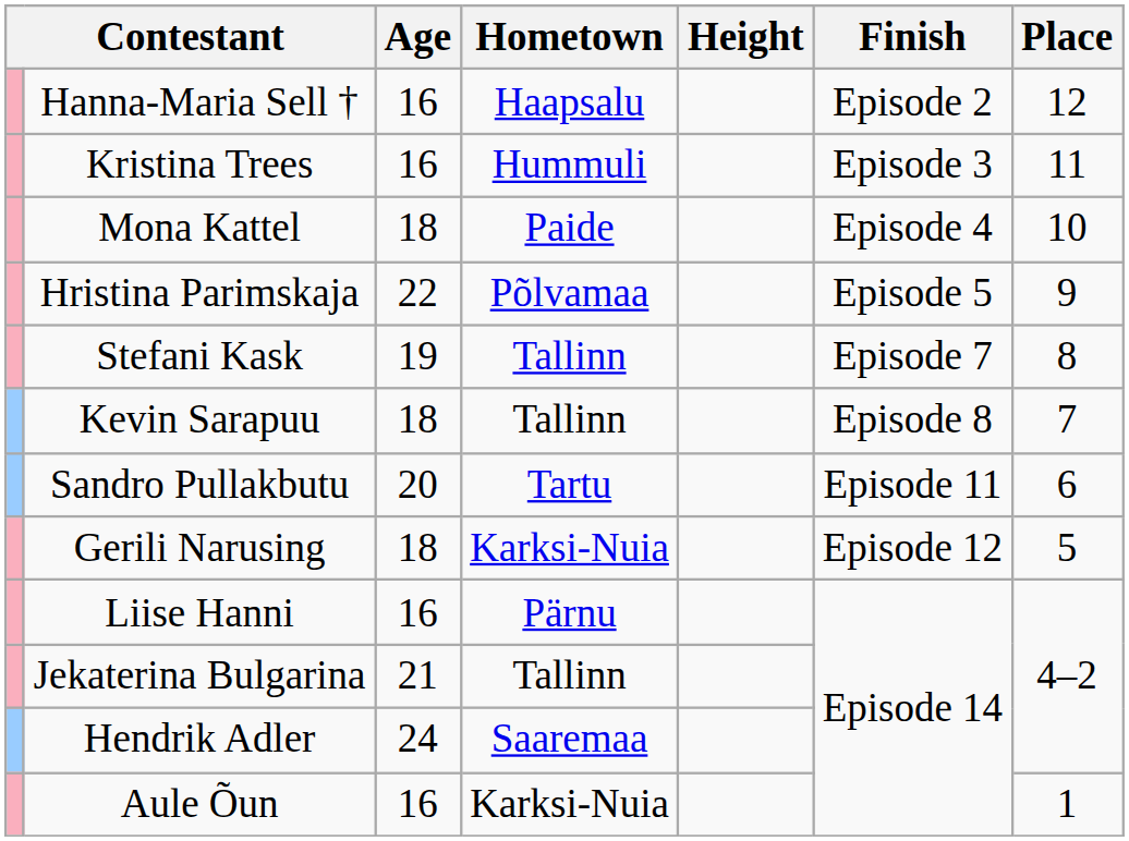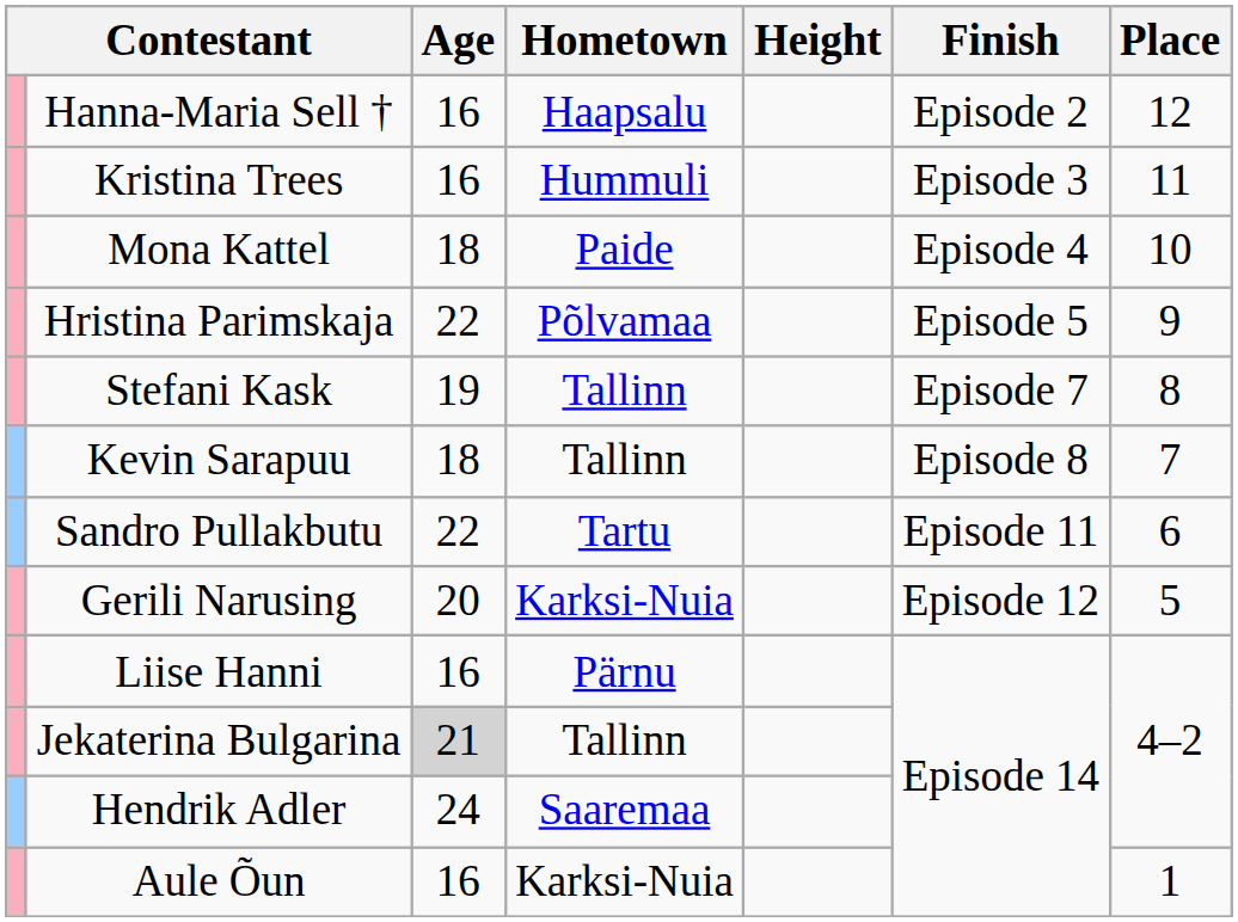 <table class="wikitable sortable" style="text-align:center;">
 <tr>
 <th colspan="2">Contestant</th>
 <th>Age</th>
 <th>Hometown</th>
 <th>Height</th>
 <th>Finish</th>
 <th>Place</th>
 </tr>
 <tr>
 <td style="background:#faafbe"></td>
 <td>Hanna-Maria Sell †</td>
 <td>16</td>
 <td><a href='#'>Haapsalu</a></td>
 <td></td>
 <td>Episode 2</td>
 <td>12</td>
 </tr>
 <tr>
 <td style="background:#faafbe"></td>
 <td>Kristina Trees</td>
 <td>16</td>
 <td><a href='#'>Hummuli</a></td>
 <td></td>
 <td>Episode 3</td>
 <td>11</td>
 </tr>
 <tr>
 <td style="background:#faafbe"></td>
 <td>Mona Kattel</td>
 <td>18</td>
 <td><a href='#'>Paide</a></td>
 <td></td>
 <td>Episode 4</td>
 <td>10</td>
 </tr>
 <tr>
 <td style="background:#faafbe"></td>
 <td>Hristina Parimskaja</td>
 <td>22</td>
 <td><a href='#'>Põlvamaa</a></td>
 <td></td>
 <td>Episode 5</td>
 <td>9</td>
 </tr>
 <tr>
 <td style="background:#faafbe"></td>
 <td>Stefani Kask</td>
 <td>19</td>
 <td><a href='#'>Tallinn</a></td>
 <td></td>
 <td>Episode 7</td>
 <td>8</td>
 </tr>
 <tr>
 <td style="background:#9cf;"></td>
 <td>Kevin Sarapuu</td>
 <td>18</td>
 <td>Tallinn</td>
 <td></td>
 <td>Episode 8</td>
 <td>7</td>
 </tr>
 <tr>
 <td style="background:#9cf;"></td>
 <td>Sandro Pullakbutu</td>
-<td>20</td>
+<td>22</td>
 <td><a href='#'>Tartu</a></td>
 <td></td>
 <td>Episode 11</td>
 <td>6</td>
 </tr>
 <tr>
 <td style="background:#faafbe"></td>
 <td>Gerili Narusing</td>
-<td>18</td>
+<td>20</td>
 <td><a href='#'>Karksi-Nuia</a></td>
 <td></td>
 <td>Episode 12</td>
 <td>5</td>
 </tr>
 <tr>
 <td style="background:#faafbe"></td>
 <td>Liise Hanni</td>
 <td>16</td>
 <td><a href='#'>Pärnu</a></td>
 <td></td>
 <td rowspan="4">Episode 14</td>
 <td rowspan="3">4–2</td>
 </tr>
 <tr>
 <td style="background:#faafbe"></td>
 <td>Jekaterina Bulgarina</td>
-<td>21</td>
+<td style="background: lightgrey;">21</td>
 <td>Tallinn</td>
 <td></td>
 </tr>
 <tr>
 <td style="background:#9cf;"></td>
 <td>Hendrik Adler</td>
 <td>24</td>
 <td><a href='#'>Saaremaa</a></td>
 <td></td>
 </tr>
 <tr>
 <td style="background:#faafbe"></td>
 <td>Aule Õun</td>
 <td>16</td>
 <td>Karksi-Nuia</td>
 <td></td>
 <td>1</td>
 </tr>
 </table>
